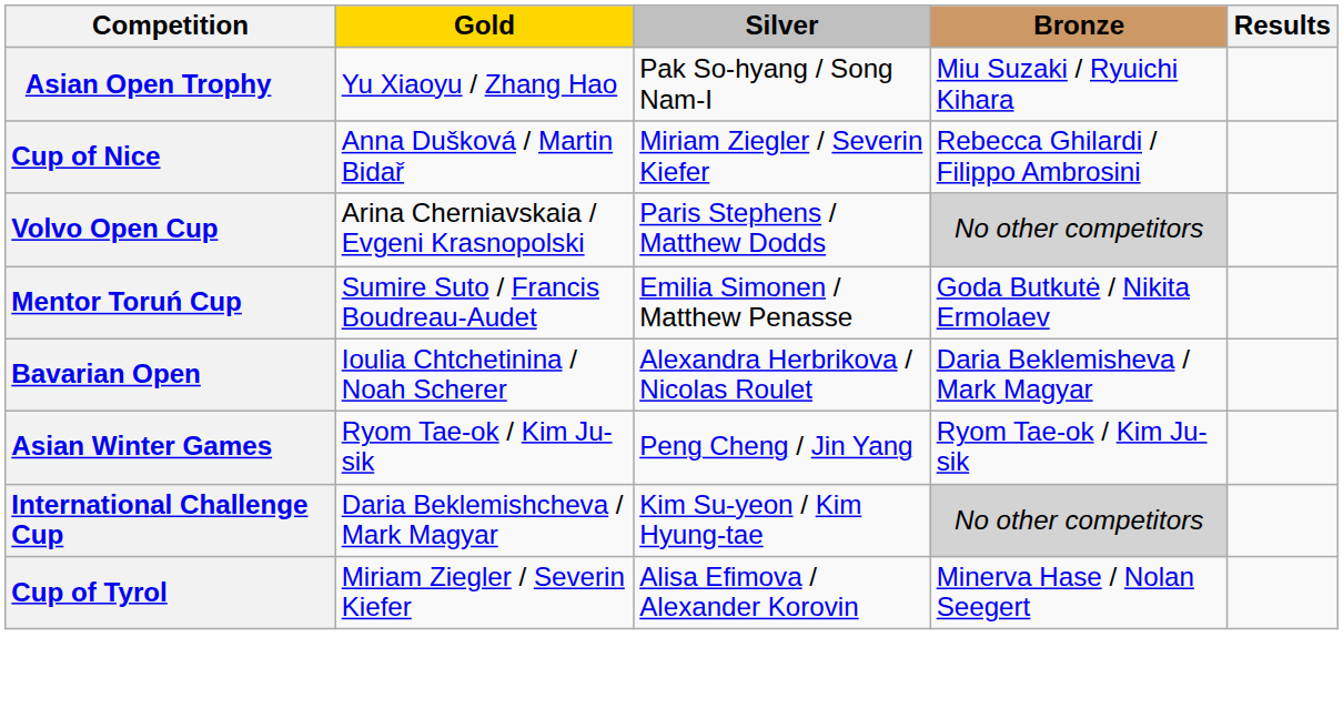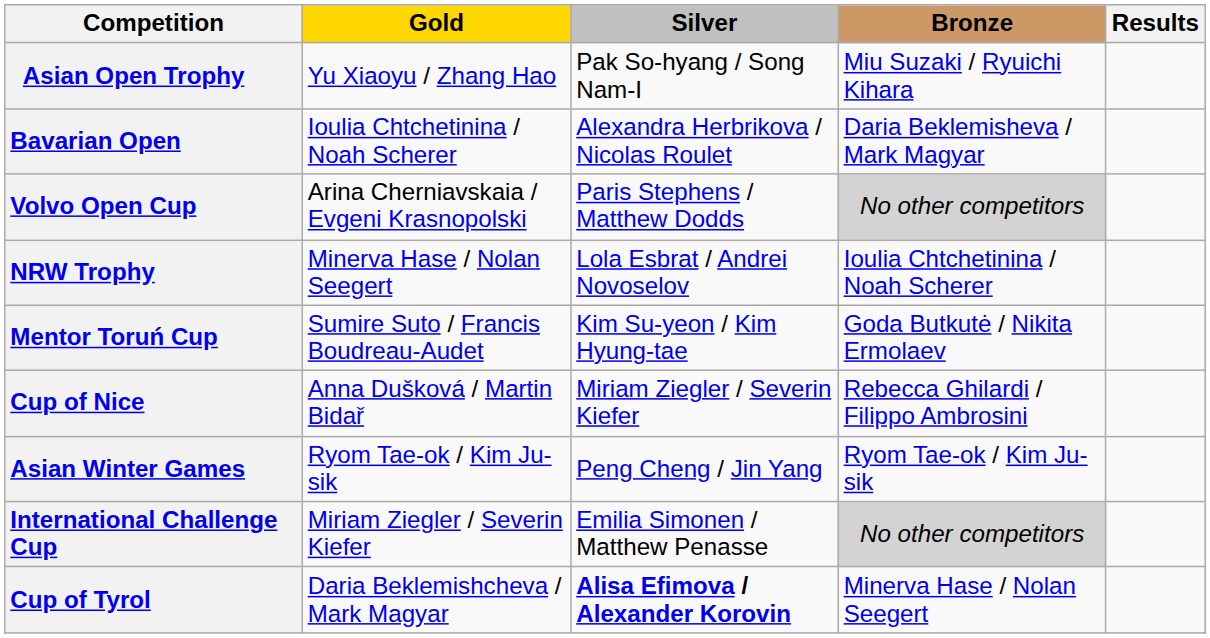 <table class="wikitable unsortable" style="text-align:left; width:90%;">
 <tr>
 <th scope="col" style="text-align:center; width:25%;">Competition</th>
 <td scope="col" style="text-align:center; width:22.5%; background:gold"><strong>Gold</strong></td>
 <td scope="col" style="text-align:center; width:22.5%; background:silver"><strong>Silver</strong></td>
 <td scope="col" style="text-align:center; width:22.5%; background:#c96"><strong>Bronze</strong></td>
 <th scope="col" style="text-align:center; width:7.5%;">Results</th>
 </tr>
 <tr>
 <th scope="row" style="text-align:left">  <a href='#'>Asian Open Trophy</a></th>
 <td> <a href='#'>Yu Xiaoyu</a> / <a href='#'>Zhang Hao</a></td>
 <td> Pak So-hyang / Song Nam-I</td>
 <td> <a href='#'>Miu Suzaki</a> / <a href='#'>Ryuichi Kihara</a></td>
 <td></td>
 </tr>
 <tr>
-<th scope="row" style="text-align:left"> <a href='#'>Cup of Nice</a></th>
-<td> <a href='#'>Anna Dušková</a> / <a href='#'>Martin Bidař</a></td>
-<td> <a href='#'>Miriam Ziegler</a> / <a href='#'>Severin Kiefer</a></td>
-<td> <a href='#'>Rebecca Ghilardi</a> / <a href='#'>Filippo Ambrosini</a></td>
+<th scope="row" style="text-align:left"> <a href='#'>Bavarian Open</a></th>
+<td> <a href='#'>Ioulia Chtchetinina</a> / <a href='#'>Noah Scherer</a></td>
+<td> <a href='#'>Alexandra Herbrikova</a> / <a href='#'>Nicolas Roulet</a></td>
+<td> <a href='#'>Daria Beklemisheva</a> / <a href='#'>Mark Magyar</a></td>
 <td></td>
 </tr>
 <tr>
 <th scope="row" style="text-align:left"> <a href='#'>Volvo Open Cup</a></th>
 <td> Arina Cherniavskaia / <a href='#'>Evgeni Krasnopolski</a></td>
 <td> <a href='#'>Paris Stephens</a> / <a href='#'>Matthew Dodds</a></td>
 <td align=center bgcolor="lightgray"><em>No other competitors</em></td>
 <td></td>
 </tr>
 <tr>
+<th scope="row" style="text-align:left"> <a href='#'>NRW Trophy</a></th>
+<td> <a href='#'>Minerva Hase</a> / <a href='#'>Nolan Seegert</a></td>
+<td> <a href='#'>Lola Esbrat</a> / <a href='#'>Andrei Novoselov</a></td>
+<td> <a href='#'>Ioulia Chtchetinina</a> / <a href='#'>Noah Scherer</a></td>
+<td></td>
+</tr>
+<tr>
 <th scope="row" style="text-align:left"> <a href='#'>Mentor Toruń Cup</a></th>
 <td> <a href='#'>Sumire Suto</a> / <a href='#'>Francis Boudreau-Audet</a></td>
-<td> <a href='#'>Emilia Simonen</a> / Matthew Penasse</td>
+<td> <a href='#'>Kim Su-yeon</a> / <a href='#'>Kim Hyung-tae</a></td>
 <td> <a href='#'>Goda Butkutė</a> / <a href='#'>Nikita Ermolaev</a></td>
 <td></td>
 </tr>
 <tr>
-<th scope="row" style="text-align:left"> <a href='#'>Bavarian Open</a></th>
-<td> <a href='#'>Ioulia Chtchetinina</a> / <a href='#'>Noah Scherer</a></td>
-<td> <a href='#'>Alexandra Herbrikova</a> / <a href='#'>Nicolas Roulet</a></td>
-<td> <a href='#'>Daria Beklemisheva</a> / <a href='#'>Mark Magyar</a></td>
+<th scope="row" style="text-align:left"> <a href='#'>Cup of Nice</a></th>
+<td> <a href='#'>Anna Dušková</a> / <a href='#'>Martin Bidař</a></td>
+<td> <a href='#'>Miriam Ziegler</a> / <a href='#'>Severin Kiefer</a></td>
+<td> <a href='#'>Rebecca Ghilardi</a> / <a href='#'>Filippo Ambrosini</a></td>
 <td></td>
 </tr>
 <tr>
 <th scope="row" style="text-align:left"> <a href='#'>Asian Winter Games</a></th>
 <td> <a href='#'>Ryom Tae-ok</a> / <a href='#'>Kim Ju-sik</a></td>
 <td> <a href='#'>Peng Cheng</a> / <a href='#'>Jin Yang</a></td>
 <td> <a href='#'>Ryom Tae-ok</a> / <a href='#'>Kim Ju-sik</a></td>
 <td></td>
 </tr>
 <tr>
 <th scope="row" style="text-align:left"> <a href='#'>International Challenge Cup</a></th>
-<td> <a href='#'>Daria Beklemishcheva</a> / <a href='#'>Mark Magyar</a></td>
-<td> <a href='#'>Kim Su-yeon</a> / <a href='#'>Kim Hyung-tae</a></td>
+<td> <a href='#'>Miriam Ziegler</a> / <a href='#'>Severin Kiefer</a></td>
+<td> <a href='#'>Emilia Simonen</a> / Matthew Penasse</td>
 <td align="center" bgcolor="lightgray"><em>No other competitors</em></td>
 <td></td>
 </tr>
 <tr>
 <th scope="row" style="text-align:left"> <a href='#'>Cup of Tyrol</a></th>
-<td> <a href='#'>Miriam Ziegler</a> / <a href='#'>Severin Kiefer</a></td>
-<td> <a href='#'>Alisa Efimova</a> / <a href='#'>Alexander Korovin</a></td>
+<td> <a href='#'>Daria Beklemishcheva</a> / <a href='#'>Mark Magyar</a></td>
+<td><strong> <a href='#'>Alisa Efimova</a> / <a href='#'>Alexander Korovin</a></strong></td>
 <td> <a href='#'>Minerva Hase</a> / <a href='#'>Nolan Seegert</a></td>
 <td><br></td>
 </tr>
 </table>
